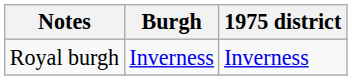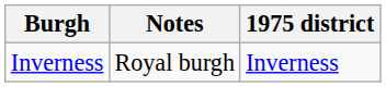 <table class="wikitable">
 <tr>
+<th>Burgh</th>
 <th>Notes</th>
-<th>Burgh</th>
 <th>1975 district</th>
 </tr>
 <tr>
+<td><a href='#'>Inverness</a></td>
 <td>Royal burgh</td>
-<td><a href='#'>Inverness</a></td>
 <td><a href='#'>Inverness</a></td>
 </tr>
 </table>
